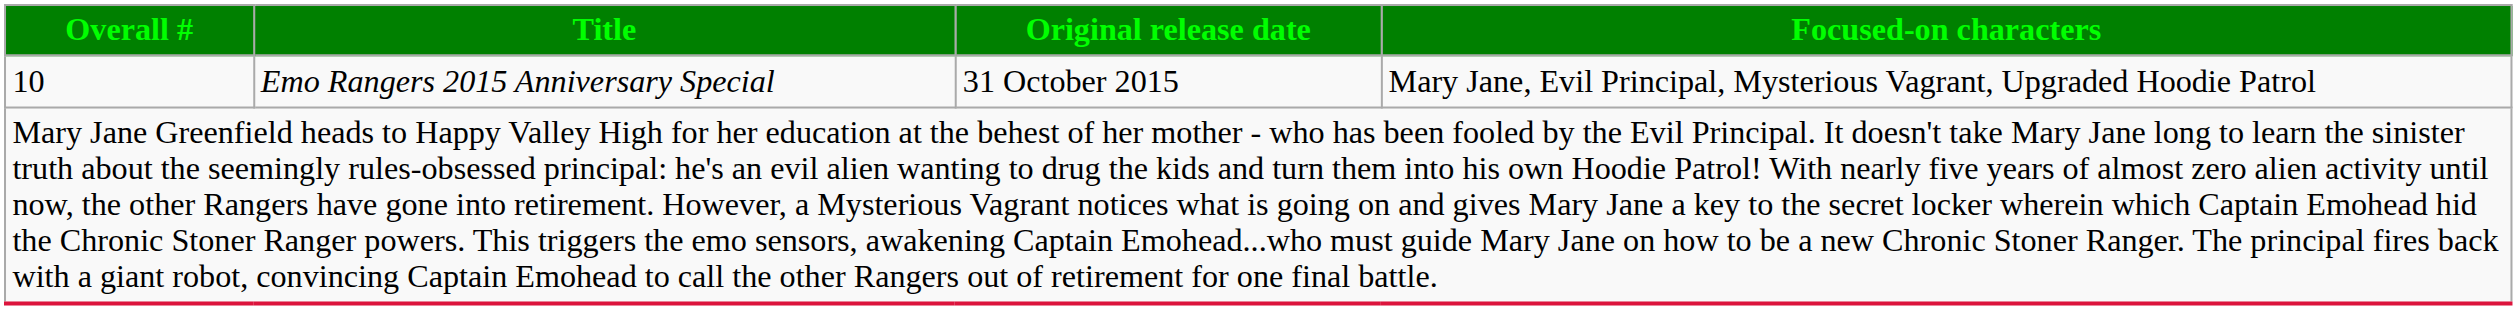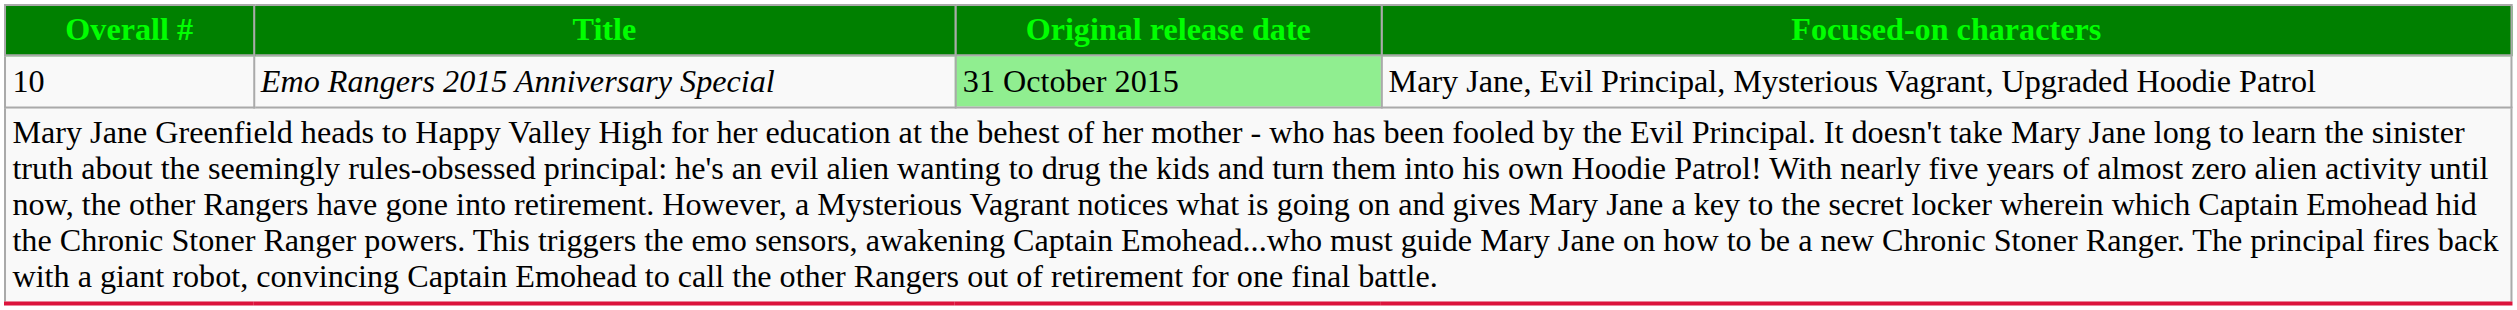 <table class="wikitable">
 <tr>
 <td style="text-align:center; background:green; color:lime;"><strong>Overall #</strong></td>
 <td style="text-align:center; background:green; color:lime;"><strong>Title</strong></td>
 <td style="text-align:center; background:green; color:lime;"><strong>Original release date</strong></td>
 <td style="text-align:center; background:green; color:lime;"><strong>Focused-on characters</strong></td>
 </tr>
 <tr>
 <td class="boxtin">10</td>
 <td><em>Emo Rangers 2015 Anniversary Special</em></td>
-<td>31 October 2015</td>
+<td style="background: lightgreen;">31 October 2015</td>
 <td>Mary Jane, Evil Principal, Mysterious Vagrant, Upgraded Hoodie Patrol</td>
 </tr>
 <tr>
 <td colspan="5" style="border-bottom:2px solid crimson;">Mary Jane Greenfield heads to Happy Valley High for her education at the behest of her mother - who has been fooled by the Evil Principal.  It doesn't take Mary Jane long to learn the sinister truth about the seemingly rules-obsessed principal: he's an evil alien wanting to drug the kids and turn them into his own Hoodie Patrol!  With nearly five years of almost zero alien activity until now, the other Rangers have gone into retirement.  However, a Mysterious Vagrant notices what is going on and gives Mary Jane a key to the secret locker wherein which Captain Emohead hid the Chronic Stoner Ranger powers.  This triggers the emo sensors, awakening Captain Emohead...who must guide Mary Jane on how to be a new Chronic Stoner Ranger.  The principal fires back with a giant robot, convincing Captain Emohead to call the other Rangers out of retirement for one final battle.</td>
 </tr>
 </table>
